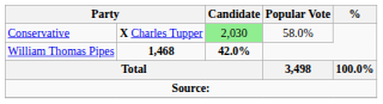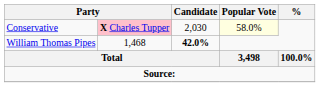 <table class="wikitable">
 <tr>
 <th colspan="2">Party</th>
 <th>Candidate</th>
 <th>Popular Vote</th>
 <th>%</th>
 </tr>
 <tr>
 <td><a href='#'>Conservative</a></td>
-<td> <strong>X</strong> <a href='#'>Charles Tupper</a></td>
-<td align=center style="background: lightgreen;">2,030</td>
-<td align=center>58.0%</td>
+<td style="background: pink;"> <strong>X</strong> <a href='#'>Charles Tupper</a></td>
+<td align=center>2,030</td>
+<td align=center style="background: lightyellow;">58.0%</td>
 </tr>
 <tr>
 <td><a href='#'>William Thomas Pipes</a></td>
-<td align=center><strong>1,468</strong></td>
+<td align=center>1,468</td>
 <td align=center><strong>42.0%</strong></td>
 </tr>
 <tr>
 <th colspan=3 align=center>Total</th>
 <th align=right>3,498</th>
 <th align=right>100.0%</th>
 </tr>
 <tr>
 <td align="center" colspan=5><strong>Source:</strong> </td>
 </tr>
 <tr>
 </tr>
 </table>
